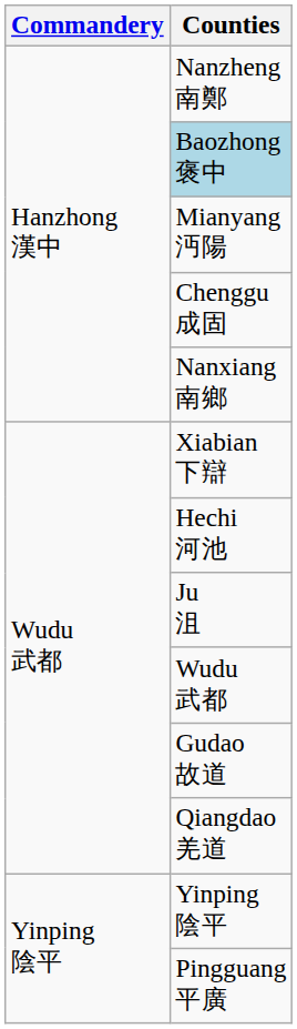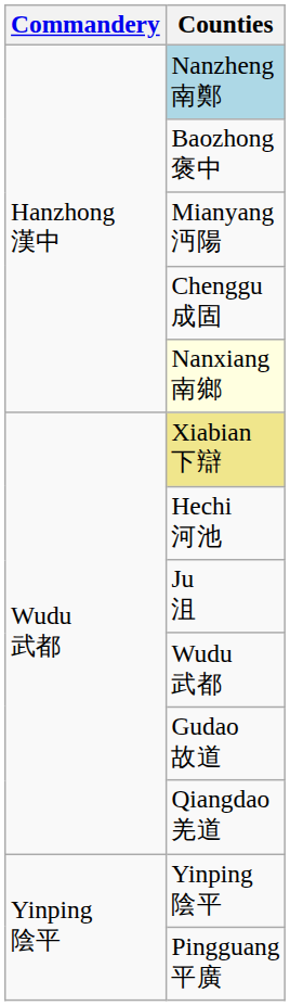 <table class="wikitable sortable">
 <tr>
 <th><a href='#'>Commandery</a></th>
 <th>Counties</th>
 </tr>
 <tr>
 <td rowspan=5>Hanzhong<br>漢中</td>
-<td>Nanzheng<br>南鄭</td>
+<td style="background: lightblue;">Nanzheng<br>南鄭</td>
 </tr>
 <tr>
-<td style="background: lightblue;">Baozhong<br>褒中</td>
+<td>Baozhong<br>褒中</td>
 </tr>
 <tr>
 <td>Mianyang<br>沔陽</td>
 </tr>
 <tr>
 <td>Chenggu<br>成固</td>
 </tr>
 <tr>
-<td>Nanxiang<br>南鄉</td>
+<td style="background: lightyellow;">Nanxiang<br>南鄉</td>
 </tr>
 <tr>
 <td rowspan=6>Wudu<br>武都</td>
-<td>Xiabian<br>下辯</td>
+<td style="background: khaki;">Xiabian<br>下辯</td>
 </tr>
 <tr>
 <td>Hechi<br>河池</td>
 </tr>
 <tr>
 <td>Ju<br>沮</td>
 </tr>
 <tr>
 <td>Wudu<br>武都</td>
 </tr>
 <tr>
 <td>Gudao<br>故道</td>
 </tr>
 <tr>
 <td>Qiangdao<br>羌道</td>
 </tr>
 <tr>
 <td rowspan=2>Yinping<br>陰平</td>
 <td>Yinping<br>陰平</td>
 </tr>
 <tr>
 <td>Pingguang<br>平廣</td>
 </tr>
 </table>
